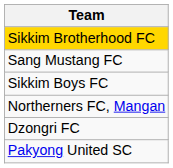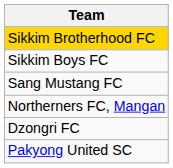 <table class="wikitable">
 <tr>
 <th>Team</th>
 </tr>
 <tr>
 <td style="background: gold;">Sikkim Brotherhood FC</td>
 </tr>
 <tr>
-<td>Sang Mustang FC</td>
+<td>Sikkim Boys FC</td>
 </tr>
 <tr>
-<td>Sikkim Boys FC</td>
+<td>Sang Mustang FC</td>
 </tr>
 <tr>
 <td>Northerners FC, <a href='#'>Mangan</a></td>
 </tr>
 <tr>
 <td>Dzongri FC</td>
 </tr>
 <tr>
 <td><a href='#'>Pakyong</a> United SC</td>
 </tr>
 </table>
